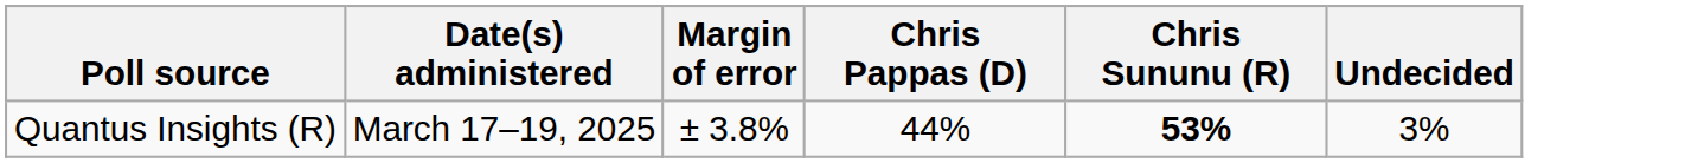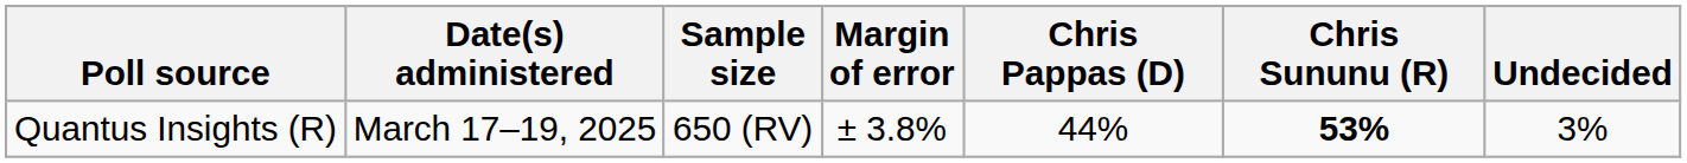 <table class="wikitable" style="font-size:90%;text-align:center;">
 <tr valign=bottom>
 <th>Poll source</th>
 <th>Date(s)<br>administered</th>
+<th>Sample<br>size</th>
 <th>Margin<br>of error</th>
 <th style="width:100px;">Chris<br>Pappas (D)</th>
 <th style="width:100px;">Chris<br>Sununu (R)</th>
 <th>Undecided</th>
 </tr>
 <tr>
 <td style="text-align:left;">Quantus Insights (R)</td>
 <td>March 17–19, 2025</td>
+<td>650 (RV)</td>
 <td>± 3.8%</td>
 <td>44%</td>
 <td style="background-color:"><strong>53%</strong></td>
 <td>3%</td>
 </tr>
 </table>
